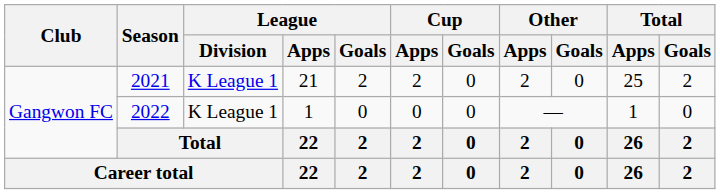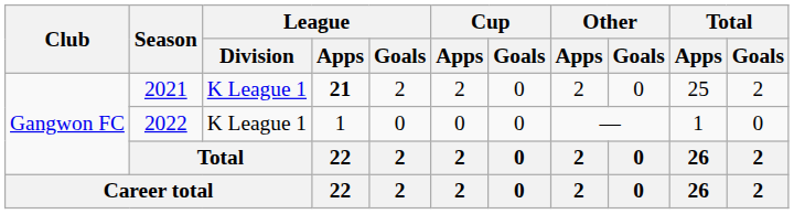 <table class="wikitable" style="text-align: center">
 <tr>
 <th rowspan="2">Club</th>
 <th rowspan="2">Season</th>
 <th colspan="3">League</th>
 <th colspan="2">Cup</th>
 <th colspan="2">Other</th>
 <th colspan="2">Total</th>
 </tr>
 <tr>
 <th>Division</th>
 <th>Apps</th>
 <th>Goals</th>
 <th>Apps</th>
 <th>Goals</th>
 <th>Apps</th>
 <th>Goals</th>
 <th>Apps</th>
 <th>Goals</th>
 </tr>
 <tr>
 <td rowspan="3"><a href='#'>Gangwon FC</a></td>
 <td><a href='#'>2021</a></td>
 <td><a href='#'>K League 1</a></td>
-<td>21</td>
+<td><strong>21</strong></td>
 <td>2</td>
 <td>2</td>
 <td>0</td>
 <td>2</td>
 <td>0</td>
 <td>25</td>
 <td>2</td>
 </tr>
 <tr>
 <td><a href='#'>2022</a></td>
 <td>K League 1</td>
 <td>1</td>
 <td>0</td>
 <td>0</td>
 <td>0</td>
 <td colspan="2">—</td>
 <td>1</td>
 <td>0</td>
 </tr>
 <tr>
 <th colspan="2">Total</th>
 <th>22</th>
 <th>2</th>
 <th>2</th>
 <th>0</th>
 <th>2</th>
 <th>0</th>
 <th>26</th>
 <th>2</th>
 </tr>
 <tr>
 <th colspan=3>Career total</th>
 <th>22</th>
 <th>2</th>
 <th>2</th>
 <th>0</th>
 <th>2</th>
 <th>0</th>
 <th>26</th>
 <th>2</th>
 </tr>
 </table>
